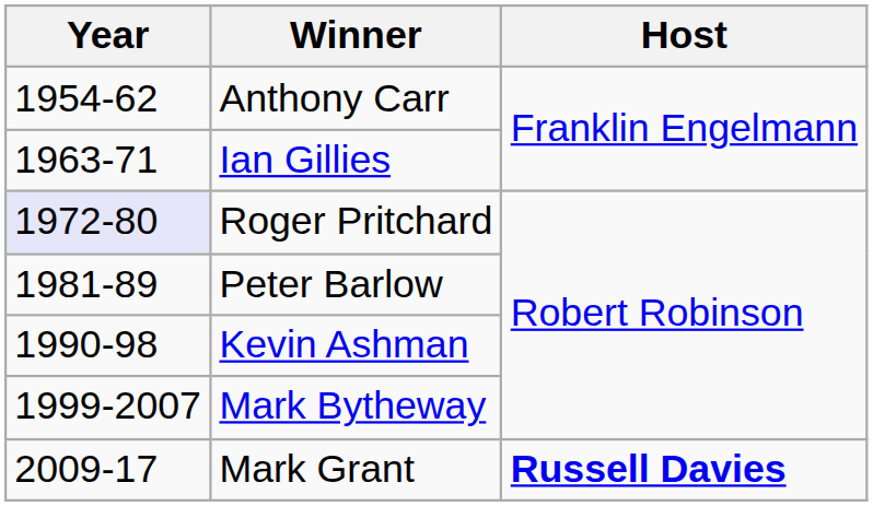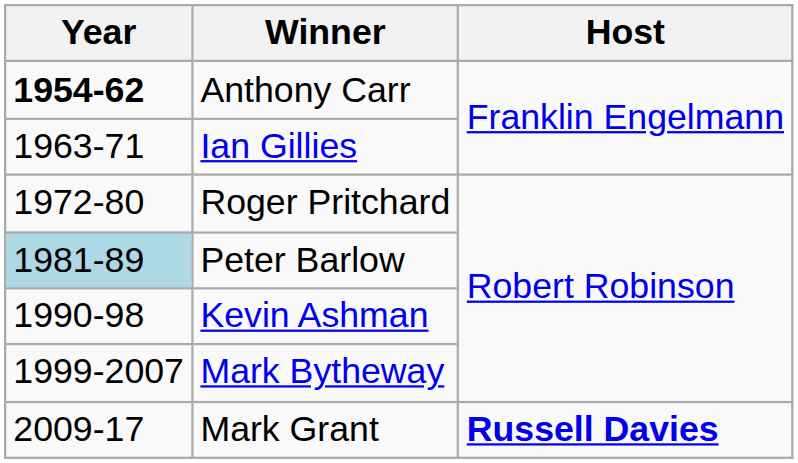 <table class="wikitable">
 <tr>
 <th><strong>Year</strong></th>
 <th><strong>Winner</strong></th>
 <th><strong>Host</strong></th>
 </tr>
 <tr>
-<td>1954-62</td>
+<td><strong>1954-62</strong></td>
 <td>Anthony Carr</td>
 <td rowspan="2"><a href='#'>Franklin Engelmann</a></td>
 </tr>
 <tr>
 <td>1963-71</td>
 <td><a href='#'>Ian Gillies</a></td>
 </tr>
 <tr>
-<td style="background: lavender;">1972-80</td>
+<td>1972-80</td>
 <td>Roger Pritchard</td>
 <td rowspan="4"><a href='#'>Robert Robinson</a></td>
 </tr>
 <tr>
-<td>1981-89</td>
+<td style="background: lightblue;">1981-89</td>
 <td>Peter Barlow</td>
 </tr>
 <tr>
 <td>1990-98</td>
 <td><a href='#'>Kevin Ashman</a></td>
 </tr>
 <tr>
 <td>1999-2007</td>
 <td><a href='#'>Mark Bytheway</a></td>
 </tr>
 <tr>
 <td>2009-17</td>
 <td>Mark Grant</td>
 <td><strong><a href='#'>Russell Davies</a></strong></td>
 </tr>
 </table>
